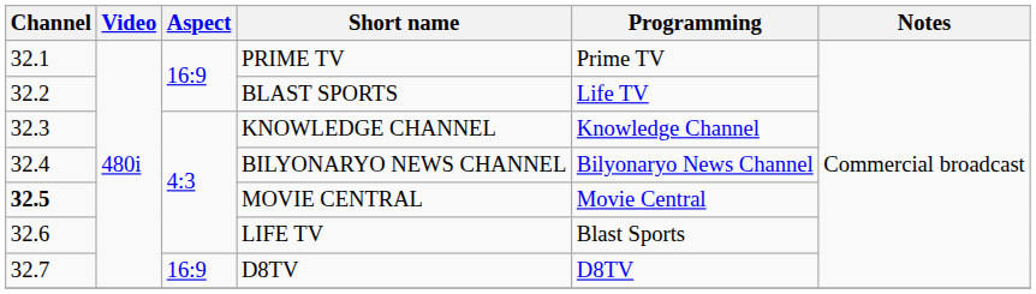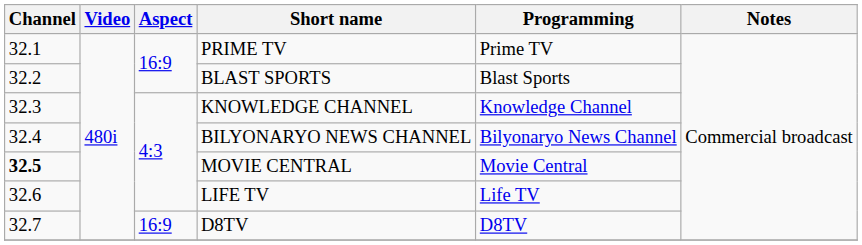 <table class="wikitable">
 <tr>
 <th>Channel</th>
 <th><a href='#'>Video</a></th>
 <th><a href='#'>Aspect</a></th>
 <th>Short name</th>
 <th>Programming</th>
 <th>Notes</th>
 </tr>
 <tr>
 <td>32.1</td>
 <td rowspan="7"><a href='#'>480i</a></td>
 <td rowspan="2"><a href='#'>16:9</a></td>
 <td>PRIME TV</td>
 <td>Prime TV</td>
 <td rowspan="7">Commercial broadcast</td>
 </tr>
 <tr>
 <td>32.2</td>
 <td>BLAST SPORTS</td>
-<td><a href='#'>Life TV</a></td>
+<td>Blast Sports</td>
 </tr>
 <tr>
 <td>32.3</td>
 <td rowspan="4"><a href='#'>4:3</a></td>
 <td>KNOWLEDGE CHANNEL</td>
 <td><a href='#'>Knowledge Channel</a></td>
 </tr>
 <tr>
 <td>32.4</td>
 <td>BILYONARYO NEWS CHANNEL</td>
 <td><a href='#'>Bilyonaryo News Channel</a></td>
 </tr>
 <tr>
 <td><strong>32.5</strong></td>
 <td>MOVIE CENTRAL</td>
 <td><a href='#'>Movie Central</a></td>
 </tr>
 <tr>
 <td>32.6</td>
 <td>LIFE TV</td>
-<td>Blast Sports</td>
+<td><a href='#'>Life TV</a></td>
 </tr>
 <tr>
 <td>32.7</td>
 <td><a href='#'>16:9</a></td>
 <td>D8TV</td>
 <td><a href='#'>D8TV</a></td>
 </tr>
 <tr>
 </tr>
 </table>
